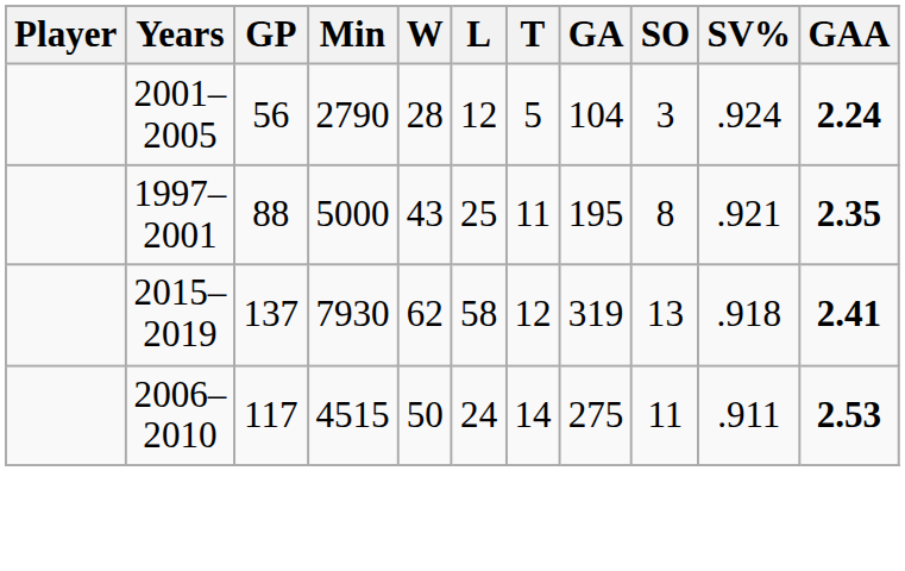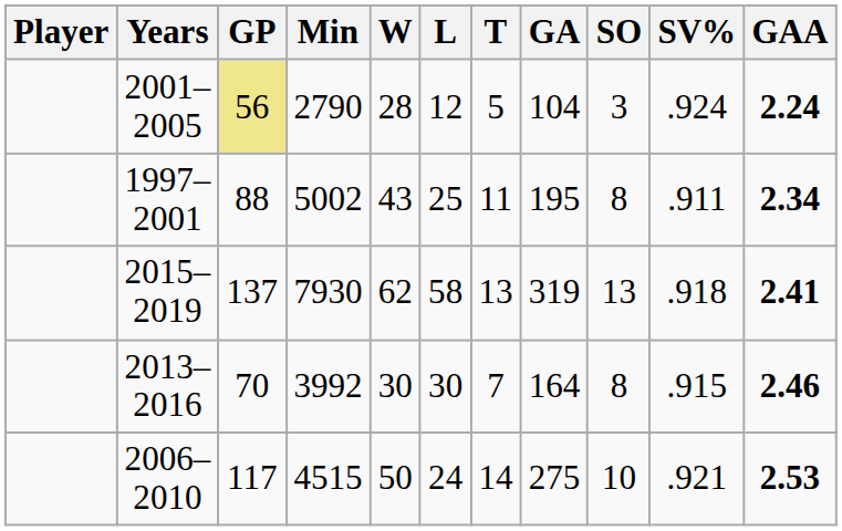 <table class="wikitable sortable" style="text-align:center" width=60%>
 <tr>
 <th>Player</th>
 <th>Years</th>
 <th>GP</th>
 <th>Min</th>
 <th>W</th>
 <th>L</th>
 <th>T</th>
 <th>GA</th>
 <th>SO</th>
 <th>SV%</th>
 <th>GAA</th>
 </tr>
 <tr>
 <td></td>
 <td>2001–2005</td>
-<td>56</td>
+<td style="background: khaki;">56</td>
 <td>2790</td>
 <td>28</td>
 <td>12</td>
 <td>5</td>
 <td>104</td>
 <td>3</td>
 <td>.924</td>
 <td><strong>2.24</strong></td>
 </tr>
 <tr>
 <td></td>
 <td>1997–2001</td>
 <td>88</td>
-<td>5000</td>
+<td>5002</td>
 <td>43</td>
 <td>25</td>
 <td>11</td>
 <td>195</td>
 <td>8</td>
-<td>.921</td>
-<td><strong>2.35</strong></td>
+<td>.911</td>
+<td><strong>2.34</strong></td>
 </tr>
 <tr>
 <td></td>
 <td>2015–2019</td>
 <td>137</td>
 <td>7930</td>
 <td>62</td>
 <td>58</td>
-<td>12</td>
+<td>13</td>
 <td>319</td>
 <td>13</td>
 <td>.918</td>
 <td><strong>2.41</strong></td>
+</tr>
+<tr>
+<td></td>
+<td>2013–2016</td>
+<td>70</td>
+<td>3992</td>
+<td>30</td>
+<td>30</td>
+<td>7</td>
+<td>164</td>
+<td>8</td>
+<td>.915</td>
+<td><strong>2.46</strong></td>
 </tr>
 <tr>
 <td></td>
 <td>2006–2010</td>
 <td>117</td>
 <td>4515</td>
 <td>50</td>
 <td>24</td>
 <td>14</td>
 <td>275</td>
-<td>11</td>
-<td>.911</td>
+<td>10</td>
+<td>.921</td>
 <td><strong>2.53</strong></td>
 </tr>
 </table>
